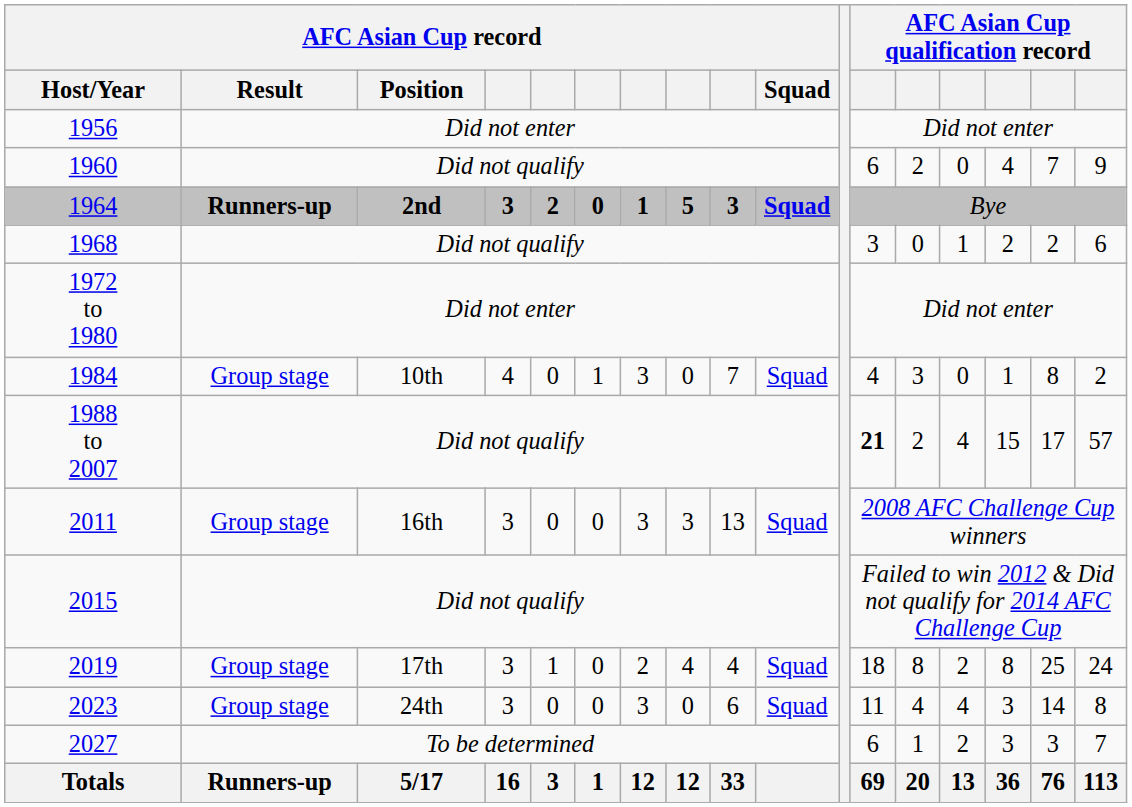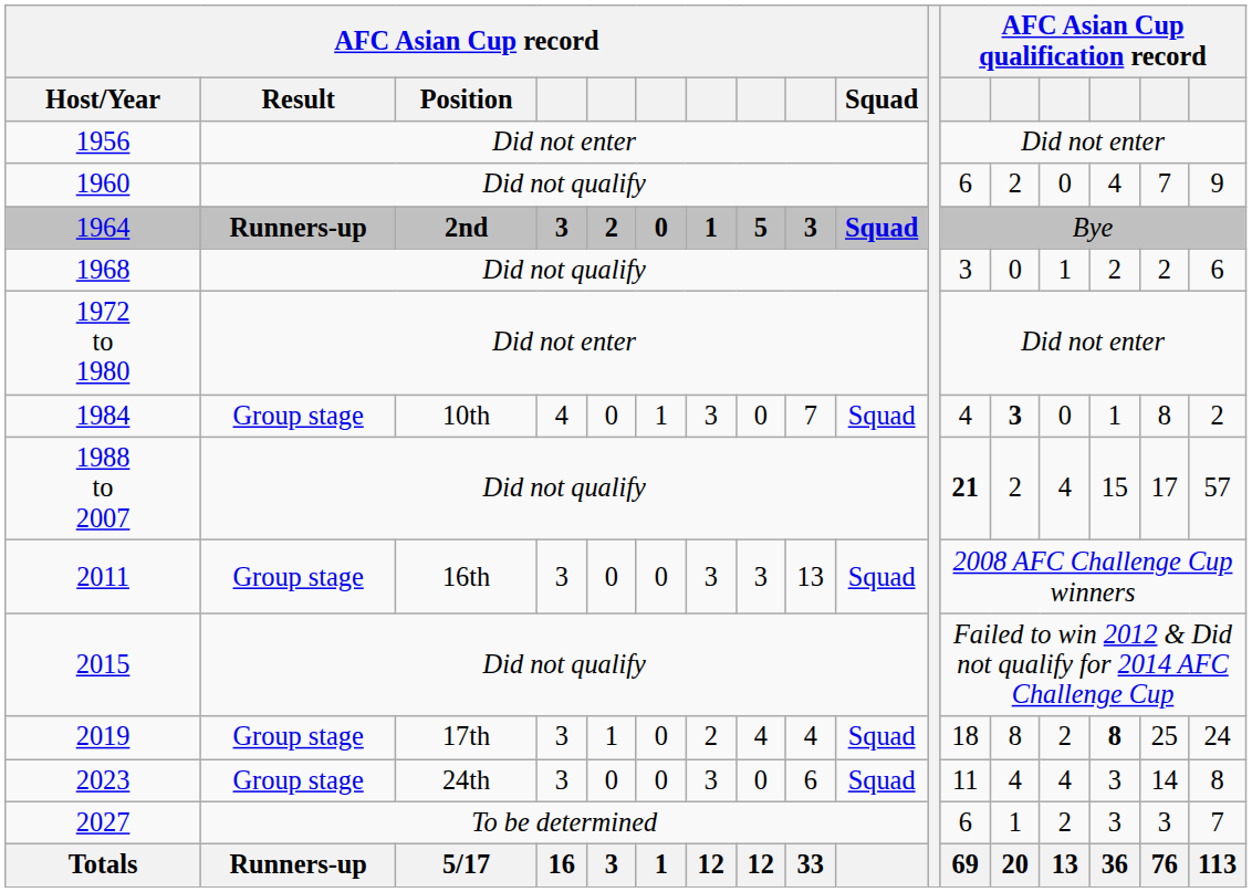 <table class="wikitable" style="text-align:center">
 <tr>
 <th colspan=10><a href='#'>AFC Asian Cup</a> record</th>
 <th rowspan="15" style="width:1%;"></th>
 <th colspan=6><a href='#'>AFC Asian Cup qualification</a> record</th>
 </tr>
 <tr>
 <th style="width:100px;">Host/Year</th>
 <th style="width:100px;">Result</th>
 <th style="width:70px;">Position</th>
 <th style="width:20px;"></th>
 <th style="width:20px;"></th>
 <th style="width:20px;"></th>
 <th style="width:20px;"></th>
 <th style="width:20px;"></th>
 <th style="width:20px;"></th>
 <th style="width:20px;">Squad</th>
 <th style="width:20px;"></th>
 <th style="width:20px;"></th>
 <th style="width:20px;"></th>
 <th style="width:20px;"></th>
 <th style="width:20px;"></th>
 <th style="width:20px;"></th>
 </tr>
 <tr>
 <td> <a href='#'>1956</a></td>
 <td colspan=9><em>Did not enter</em></td>
 <td colspan=6><em>Did not enter</em></td>
 </tr>
 <tr>
 <td> <a href='#'>1960</a></td>
 <td colspan=9><em>Did not qualify</em></td>
 <td>6</td>
 <td>2</td>
 <td>0</td>
 <td>4</td>
 <td>7</td>
 <td>9</td>
 </tr>
 <tr style="background:silver;">
 <td> <a href='#'>1964</a></td>
 <td><strong>Runners-up</strong></td>
 <td><strong>2nd</strong></td>
 <td><strong>3</strong></td>
 <td><strong>2</strong></td>
 <td><strong>0</strong></td>
 <td><strong>1</strong></td>
 <td><strong>5</strong></td>
 <td><strong>3</strong></td>
 <td><strong><a href='#'>Squad</a></strong></td>
 <td colspan=6><em>Bye</em></td>
 </tr>
 <tr>
 <td> <a href='#'>1968</a></td>
 <td colspan=9><em>Did not qualify</em></td>
 <td>3</td>
 <td>0</td>
 <td>1</td>
 <td>2</td>
 <td>2</td>
 <td>6</td>
 </tr>
 <tr>
 <td> <a href='#'>1972</a><br>to<br> <a href='#'>1980</a></td>
 <td colspan=9><em>Did not enter</em></td>
 <td colspan=6><em>Did not enter</em></td>
 </tr>
 <tr>
 <td> <a href='#'>1984</a></td>
 <td><a href='#'>Group stage</a></td>
 <td>10th</td>
 <td>4</td>
 <td>0</td>
 <td>1</td>
 <td>3</td>
 <td>0</td>
 <td>7</td>
 <td><a href='#'>Squad</a></td>
 <td>4</td>
-<td>3</td>
+<td><strong>3</strong></td>
 <td>0</td>
 <td>1</td>
 <td>8</td>
 <td>2</td>
 </tr>
 <tr>
 <td> <a href='#'>1988</a><br>to<br>    <a href='#'>2007</a></td>
 <td colspan=9><em>Did not qualify</em></td>
 <td><strong>21</strong></td>
 <td>2</td>
 <td>4</td>
 <td>15</td>
 <td>17</td>
 <td>57</td>
 </tr>
 <tr>
 <td> <a href='#'>2011</a></td>
 <td><a href='#'>Group stage</a></td>
 <td>16th</td>
 <td>3</td>
 <td>0</td>
 <td>0</td>
 <td>3</td>
 <td>3</td>
 <td>13</td>
 <td><a href='#'>Squad</a></td>
 <td colspan=6><em><a href='#'>2008 AFC Challenge Cup</a> winners</em></td>
 </tr>
 <tr>
 <td> <a href='#'>2015</a></td>
 <td colspan=9 rowspan=1><em>Did not qualify</em></td>
 <td colspan=6><em>Failed to win <a href='#'>2012</a> & Did not qualify for <a href='#'>2014 AFC Challenge Cup</a> </em></td>
 </tr>
 <tr>
 <td> <a href='#'>2019</a></td>
 <td><a href='#'>Group stage</a></td>
 <td>17th</td>
 <td>3</td>
 <td>1</td>
 <td>0</td>
 <td>2</td>
 <td>4</td>
 <td>4</td>
 <td><a href='#'>Squad</a></td>
 <td>18</td>
 <td>8</td>
 <td>2</td>
-<td>8</td>
+<td><strong>8</strong></td>
 <td>25</td>
 <td>24</td>
 </tr>
 <tr>
 <td> <a href='#'>2023</a></td>
 <td><a href='#'>Group stage</a></td>
 <td>24th</td>
 <td>3</td>
 <td>0</td>
 <td>0</td>
 <td>3</td>
 <td>0</td>
 <td>6</td>
 <td><a href='#'>Squad</a></td>
 <td>11</td>
 <td>4</td>
 <td>4</td>
 <td>3</td>
 <td>14</td>
 <td>8</td>
 </tr>
 <tr>
 <td> <a href='#'>2027</a></td>
 <td colspan="9"><em>To be determined</em></td>
 <td>6</td>
 <td>1</td>
 <td>2</td>
 <td>3</td>
 <td>3</td>
 <td>7</td>
 </tr>
 <tr>
 <th>Totals</th>
 <th>Runners-up</th>
 <th>5/17</th>
 <th>16</th>
 <th>3</th>
 <th>1</th>
 <th>12</th>
 <th>12</th>
 <th>33</th>
 <th></th>
 <th>69</th>
 <th>20</th>
 <th>13</th>
 <th>36</th>
 <th>76</th>
 <th>113</th>
 </tr>
 </table>
